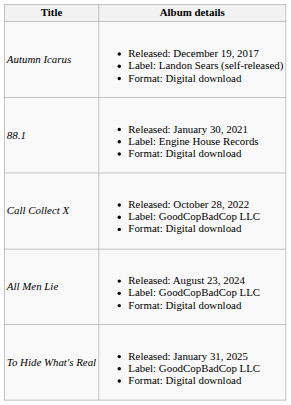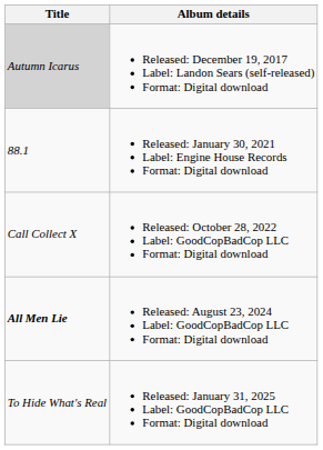 <table class="wikitable">
 <tr>
 <th>Title</th>
 <th>Album details</th>
 </tr>
 <tr>
-<td><em>Autumn Icarus</em></td>
+<td style="background: lightgrey;"><em>Autumn Icarus</em></td>
 <td><br><ul><li>Released: December 19, 2017</li><li>Label: Landon Sears (self-released)</li><li>Format: Digital download</li></ul></td>
 </tr>
 <tr>
 <td><em>88.1</em></td>
 <td><br><ul><li>Released: January 30, 2021</li><li>Label: Engine House Records</li><li>Format: Digital download</li></ul></td>
 </tr>
 <tr>
 <td><em>Call Collect X</em></td>
 <td><br><ul><li>Released: October 28, 2022</li><li>Label: GoodCopBadCop LLC</li><li>Format: Digital download</li></ul></td>
 </tr>
 <tr>
-<td><em>All Men Lie</em></td>
+<td><strong><em>All Men Lie</em></strong></td>
 <td><br><ul><li>Released: August 23, 2024</li><li>Label: GoodCopBadCop LLC</li><li>Format: Digital download</li></ul></td>
 </tr>
 <tr>
 <td><em>To Hide What's Real</em></td>
 <td><br><ul><li>Released: January 31, 2025</li><li>Label: GoodCopBadCop LLC</li><li>Format: Digital download</li></ul></td>
 </tr>
 </table>
